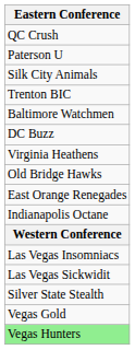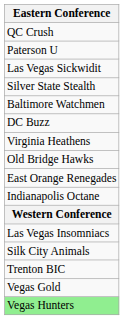 <table class="wikitable">
 <tr>
 <th>Eastern Conference</th>
 </tr>
 <tr>
 <td>QC Crush</td>
 </tr>
 <tr>
 <td>Paterson U</td>
 </tr>
 <tr>
-<td>Silk City Animals</td>
+<td>Las Vegas Sickwidit</td>
 </tr>
 <tr>
-<td>Trenton BIC</td>
+<td>Silver State Stealth</td>
 </tr>
 <tr>
 <td>Baltimore Watchmen</td>
 </tr>
 <tr>
 <td>DC Buzz</td>
 </tr>
 <tr>
 <td>Virginia Heathens</td>
 </tr>
 <tr>
 <td>Old Bridge Hawks</td>
 </tr>
 <tr>
 <td>East Orange Renegades</td>
 </tr>
 <tr>
 <td>Indianapolis Octane</td>
 </tr>
 <tr>
 <th>Western Conference</th>
 </tr>
 <tr>
 <td>Las Vegas Insomniacs</td>
 </tr>
 <tr>
-<td>Las Vegas Sickwidit</td>
+<td>Silk City Animals</td>
 </tr>
 <tr>
-<td>Silver State Stealth</td>
+<td>Trenton BIC</td>
 </tr>
 <tr>
 <td>Vegas Gold</td>
 </tr>
 <tr>
 <td style="background: lightgreen;">Vegas Hunters</td>
 </tr>
 </table>
